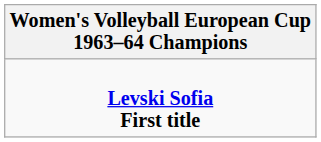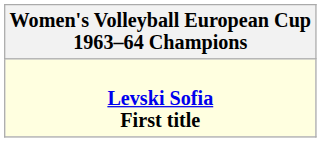 <table class=wikitable style="text-align:center; margin:auto">
 <tr>
 <th>Women's Volleyball European Cup<br> 1963–64 Champions</th>
 </tr>
 <tr>
-<td> <br>  <strong><a href='#'>Levski Sofia</a></strong> <br> <strong>First title</strong></td>
+<td style="background: lightyellow;"> <br>  <strong><a href='#'>Levski Sofia</a></strong> <br> <strong>First title</strong></td>
 </tr>
 </table>
